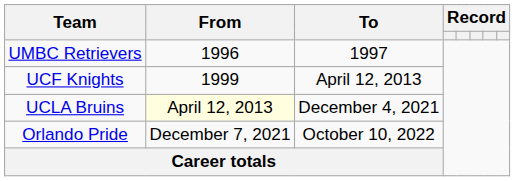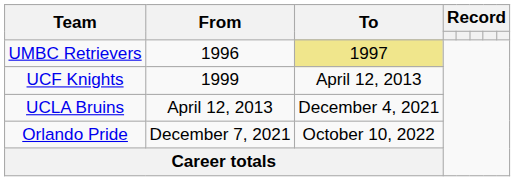 <table class="wikitable" style="text-align: center">
 <tr>
 <th rowspan=2>Team</th>
 <th rowspan=2>From</th>
 <th rowspan=2>To</th>
 <th colspan=5>Record</th>
 </tr>
 <tr>
 <th></th>
 <th></th>
 <th></th>
 <th></th>
 <th></th>
 </tr>
 <tr>
 <td><a href='#'>UMBC Retrievers</a></td>
 <td>1996</td>
-<td>1997<br></td>
+<td style="background: khaki;">1997<br></td>
 </tr>
 <tr>
 <td><a href='#'>UCF Knights</a></td>
 <td>1999</td>
 <td>April 12, 2013<br></td>
 </tr>
 <tr>
 <td><a href='#'>UCLA Bruins</a></td>
-<td style="background: lightyellow;">April 12, 2013</td>
+<td>April 12, 2013</td>
 <td>December 4, 2021<br></td>
 </tr>
 <tr>
 <td><a href='#'>Orlando Pride</a></td>
 <td>December 7, 2021</td>
 <td>October 10, 2022<br></td>
 </tr>
 <tr>
 <th colspan=3>Career totals<br></th>
 </tr>
 </table>
